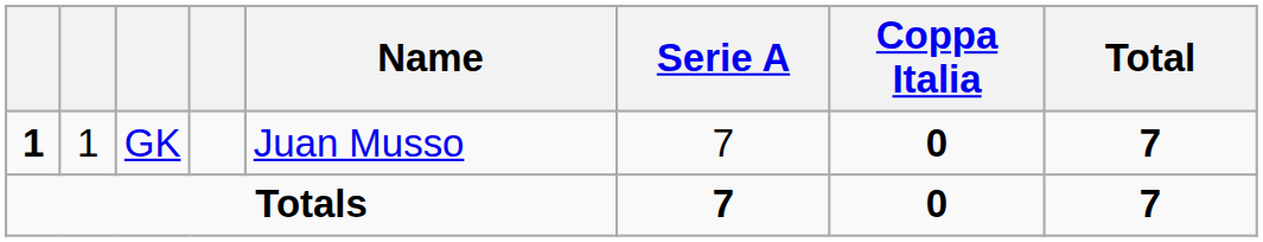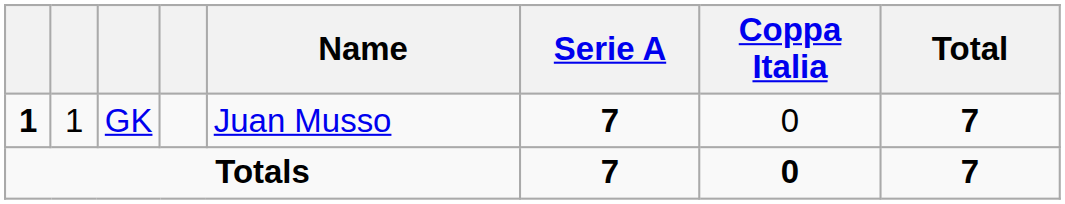 <table class="wikitable" style="text-align:center">
 <tr>
 <th width=15></th>
 <th width=15></th>
 <th width=15></th>
 <th width=15></th>
 <th width=145>Name</th>
 <th width=80><strong><a href='#'>Serie A</a></strong></th>
 <th width=80><strong><a href='#'>Coppa Italia</a></strong></th>
 <th width=80>Total</th>
 </tr>
 <tr>
 <td><strong>1</strong></td>
 <td>1</td>
 <td><a href='#'>GK</a></td>
 <td></td>
 <td align=left><a href='#'>Juan Musso</a></td>
-<td>7</td>
-<td><strong>0</strong></td>
+<td><strong>7</strong></td>
+<td>0</td>
 <td><strong>7</strong></td>
 </tr>
 <tr>
 <td colspan=5><strong>Totals</strong></td>
 <td><strong>7</strong></td>
 <td><strong>0</strong></td>
 <td><strong>7</strong></td>
 </tr>
 </table>
